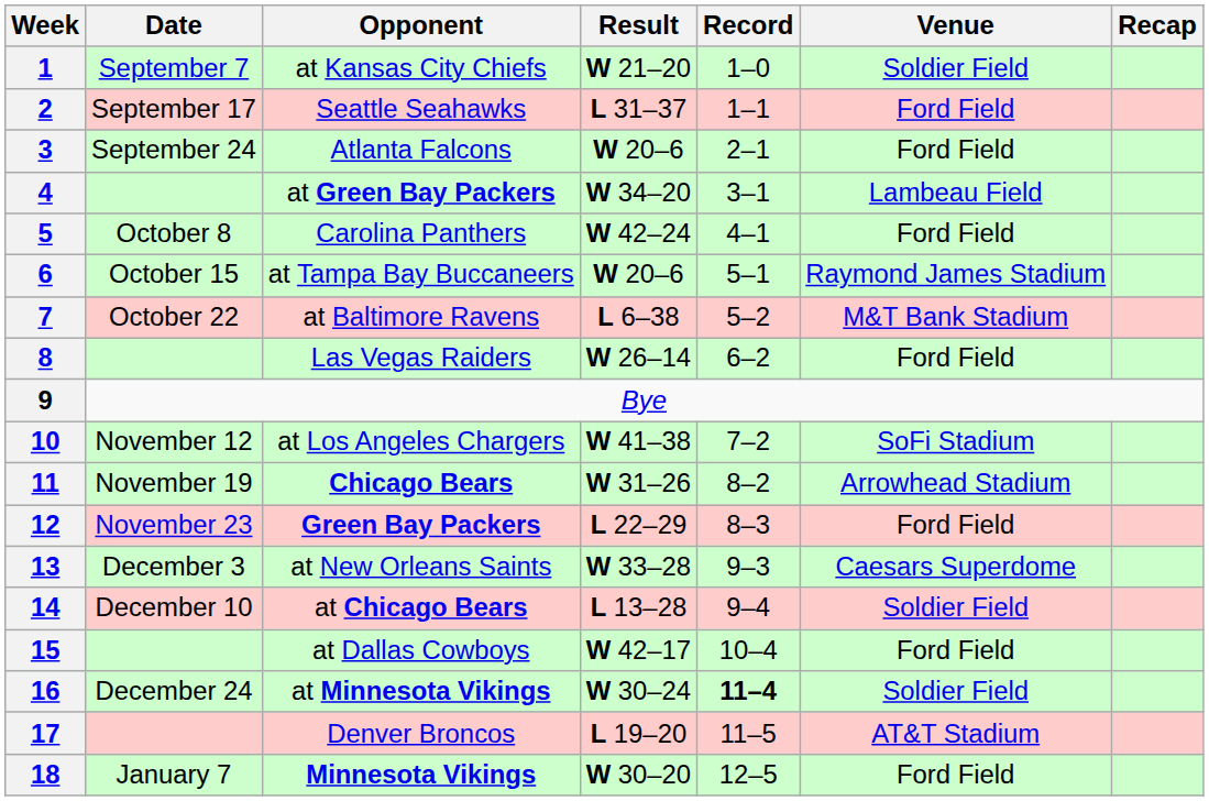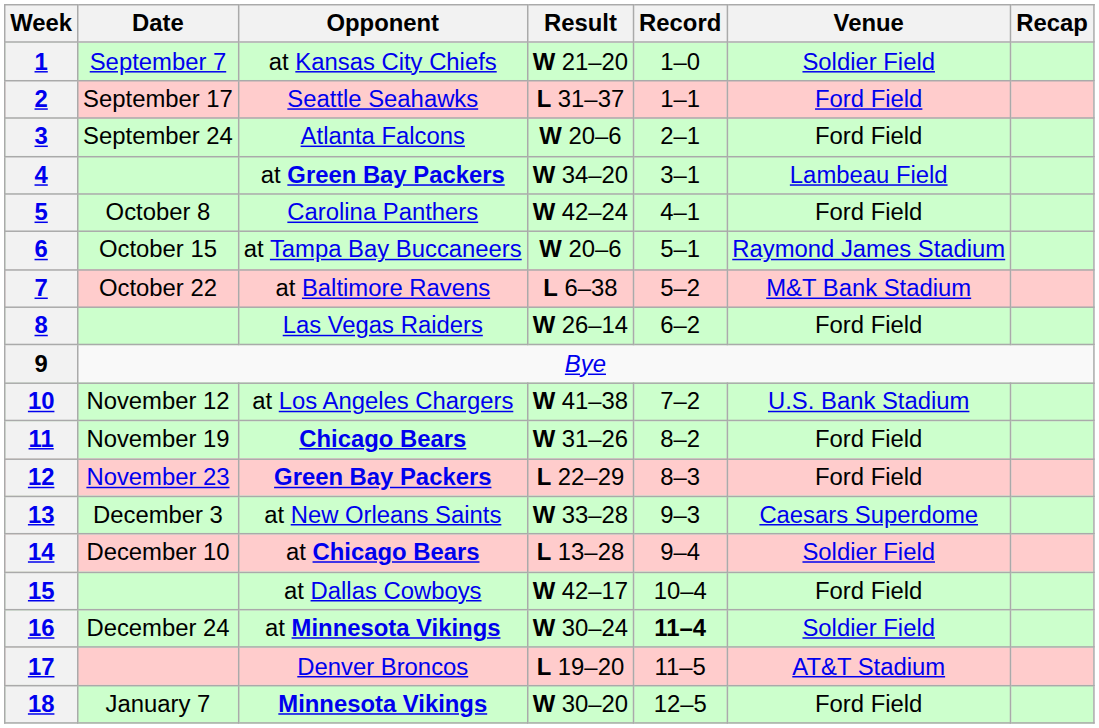 <table class="wikitable" style="text-align:center">
 <tr>
 <th>Week</th>
 <th>Date</th>
 <th>Opponent</th>
 <th>Result</th>
 <th>Record</th>
 <th>Venue</th>
 <th>Recap</th>
 </tr>
 <tr style="background:#cfc">
 <th><a href='#'>1</a></th>
 <td><a href='#'>September 7</a></td>
 <td>at <a href='#'>Kansas City Chiefs</a></td>
 <td><strong>W</strong> 21–20</td>
 <td>1–0</td>
 <td><a href='#'>Soldier Field</a></td>
 <td></td>
 </tr>
 <tr style="background:#fcc">
 <th><a href='#'>2</a></th>
 <td>September 17</td>
 <td><a href='#'>Seattle Seahawks</a></td>
 <td><strong>L</strong> 31–37 </td>
 <td>1–1</td>
 <td><a href='#'>Ford Field</a></td>
 <td></td>
 </tr>
 <tr style="background:#cfc">
 <th><a href='#'>3</a></th>
 <td>September 24</td>
 <td><a href='#'>Atlanta Falcons</a></td>
 <td><strong>W</strong> 20–6</td>
 <td>2–1</td>
 <td>Ford Field</td>
 <td></td>
 </tr>
 <tr style="background:#cfc">
 <th><a href='#'>4</a></th>
 <td></td>
 <td>at <strong><a href='#'>Green Bay Packers</a></strong></td>
 <td><strong>W</strong> 34–20</td>
 <td>3–1</td>
 <td><a href='#'>Lambeau Field</a></td>
 <td></td>
 </tr>
 <tr style="background:#cfc">
 <th><a href='#'>5</a></th>
 <td>October 8</td>
 <td><a href='#'>Carolina Panthers</a></td>
 <td><strong>W</strong> 42–24</td>
 <td>4–1</td>
 <td>Ford Field</td>
 <td></td>
 </tr>
 <tr style="background:#cfc">
 <th><a href='#'>6</a></th>
 <td>October 15</td>
 <td>at <a href='#'>Tampa Bay Buccaneers</a></td>
 <td><strong>W</strong> 20–6</td>
 <td>5–1</td>
 <td><a href='#'>Raymond James Stadium</a></td>
 <td></td>
 </tr>
 <tr style="background:#fcc">
 <th><a href='#'>7</a></th>
 <td>October 22</td>
 <td>at <a href='#'>Baltimore Ravens</a></td>
 <td><strong>L</strong> 6–38</td>
 <td>5–2</td>
 <td><a href='#'>M&T Bank Stadium</a></td>
 <td></td>
 </tr>
 <tr style="background:#cfc">
 <th><a href='#'>8</a></th>
 <td></td>
 <td><a href='#'>Las Vegas Raiders</a></td>
 <td><strong>W</strong> 26–14</td>
 <td>6–2</td>
 <td>Ford Field</td>
 <td></td>
 </tr>
 <tr>
 <th>9</th>
 <td colspan="6"><em><a href='#'>Bye</a></em></td>
 </tr>
 <tr style="background:#cfc">
 <th><a href='#'>10</a></th>
 <td>November 12</td>
 <td>at <a href='#'>Los Angeles Chargers</a></td>
 <td><strong>W</strong> 41–38</td>
 <td>7–2</td>
-<td><a href='#'>SoFi Stadium</a></td>
+<td><a href='#'>U.S. Bank Stadium</a></td>
 <td></td>
 </tr>
 <tr style="background:#cfc">
 <th><a href='#'>11</a></th>
 <td>November 19</td>
 <td><strong><a href='#'>Chicago Bears</a></strong></td>
 <td><strong>W</strong> 31–26</td>
 <td>8–2</td>
-<td><a href='#'>Arrowhead Stadium</a></td>
+<td>Ford Field</td>
 <td></td>
 </tr>
 <tr style="background:#fcc">
 <th><a href='#'>12</a></th>
 <td><a href='#'>November 23</a></td>
 <td><strong><a href='#'>Green Bay Packers</a></strong></td>
 <td><strong>L</strong> 22–29</td>
 <td>8–3</td>
 <td>Ford Field</td>
 <td></td>
 </tr>
 <tr style="background:#cfc">
 <th><a href='#'>13</a></th>
 <td>December 3</td>
 <td>at <a href='#'>New Orleans Saints</a></td>
 <td><strong>W</strong> 33–28</td>
 <td>9–3</td>
 <td><a href='#'>Caesars Superdome</a></td>
 <td></td>
 </tr>
 <tr style="background:#fcc">
 <th><a href='#'>14</a></th>
 <td>December 10</td>
 <td>at <strong><a href='#'>Chicago Bears</a></strong></td>
 <td><strong>L</strong> 13–28</td>
 <td>9–4</td>
 <td><a href='#'>Soldier Field</a></td>
 <td></td>
 </tr>
 <tr style="background:#cfc">
 <th><a href='#'>15</a></th>
 <td></td>
 <td>at <a href='#'>Dallas Cowboys</a></td>
 <td><strong>W</strong> 42–17</td>
 <td>10–4</td>
 <td>Ford Field</td>
 <td></td>
 </tr>
 <tr style="background:#cfc">
 <th><a href='#'>16</a></th>
 <td>December 24</td>
 <td>at <strong><a href='#'>Minnesota Vikings</a></strong></td>
 <td><strong>W</strong> 30–24</td>
 <td><strong>11–4</strong></td>
 <td><a href='#'>Soldier Field</a></td>
 <td></td>
 </tr>
 <tr style="background:#fcc">
 <th><a href='#'>17</a></th>
 <td></td>
 <td><a href='#'>Denver Broncos</a></td>
 <td><strong>L</strong> 19–20</td>
 <td>11–5</td>
 <td><a href='#'>AT&T Stadium</a></td>
 <td></td>
 </tr>
 <tr style="background:#cfc">
 <th><a href='#'>18</a></th>
 <td>January 7</td>
 <td><strong><a href='#'>Minnesota Vikings</a></strong></td>
 <td><strong>W</strong> 30–20</td>
 <td>12–5</td>
 <td>Ford Field</td>
 <td></td>
 </tr>
 </table>
